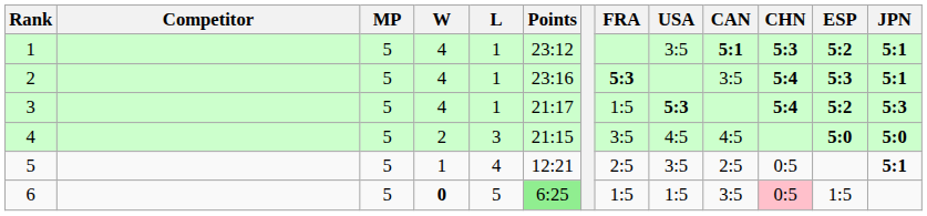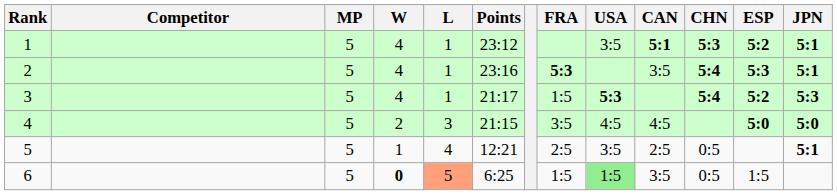 <table class="wikitable" style="text-align:center">
 <tr>
 <th>Rank</th>
 <th style="width:16em">Competitor</th>
 <th style="width:2.5em">MP</th>
 <th style="width:2.5em">W</th>
 <th style="width:2.5em">L</th>
 <th>Points</th>
 <th rowspan="7"> </th>
 <th style="width:2.5em">FRA</th>
 <th style="width:2.5em">USA</th>
 <th style="width:2.5em">CAN</th>
 <th style="width:2.5em">CHN</th>
 <th style="width:2.5em">ESP</th>
 <th style="width:2.5em">JPN</th>
 </tr>
 <tr style="background:#cfc;">
 <td>1</td>
 <td style="text-align:left"></td>
 <td>5</td>
 <td>4</td>
 <td>1</td>
 <td>23:12</td>
 <td></td>
 <td>3:5</td>
 <td><strong>5:1</strong></td>
 <td><strong>5:3</strong></td>
 <td><strong>5:2</strong></td>
 <td><strong>5:1</strong></td>
 </tr>
 <tr style="background:#cfc;">
 <td>2</td>
 <td style="text-align:left"></td>
 <td>5</td>
 <td>4</td>
 <td>1</td>
 <td>23:16</td>
 <td><strong>5:3</strong></td>
 <td></td>
 <td>3:5</td>
 <td><strong>5:4</strong></td>
 <td><strong>5:3</strong></td>
 <td><strong>5:1</strong></td>
 </tr>
 <tr style="background:#cfc;">
 <td>3</td>
 <td style="text-align:left"></td>
 <td>5</td>
 <td>4</td>
 <td>1</td>
 <td>21:17</td>
 <td>1:5</td>
 <td><strong>5:3</strong></td>
 <td></td>
 <td><strong>5:4</strong></td>
 <td><strong>5:2</strong></td>
 <td><strong>5:3</strong></td>
 </tr>
 <tr style="background:#cfc;">
 <td>4</td>
 <td style="text-align:left"></td>
 <td>5</td>
 <td>2</td>
 <td>3</td>
 <td>21:15</td>
 <td>3:5</td>
 <td>4:5</td>
 <td>4:5</td>
 <td></td>
 <td><strong>5:0</strong></td>
 <td><strong>5:0</strong></td>
 </tr>
 <tr>
 <td>5</td>
 <td style="text-align:left"></td>
 <td>5</td>
 <td>1</td>
 <td>4</td>
 <td>12:21</td>
 <td>2:5</td>
 <td>3:5</td>
 <td>2:5</td>
 <td>0:5</td>
 <td></td>
 <td><strong>5:1</strong></td>
 </tr>
 <tr>
 <td>6</td>
 <td style="text-align:left"></td>
 <td>5</td>
 <td><strong>0</strong></td>
-<td>5</td>
-<td style="background: lightgreen;">6:25</td>
+<td style="background: lightsalmon;">5</td>
+<td>6:25</td>
 <td>1:5</td>
-<td>1:5</td>
+<td style="background: lightgreen;">1:5</td>
 <td>3:5</td>
-<td style="background: pink;">0:5</td>
+<td>0:5</td>
 <td>1:5</td>
 <td></td>
 </tr>
 </table>
